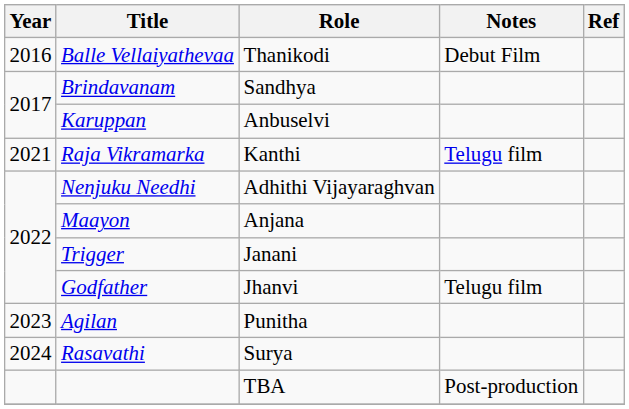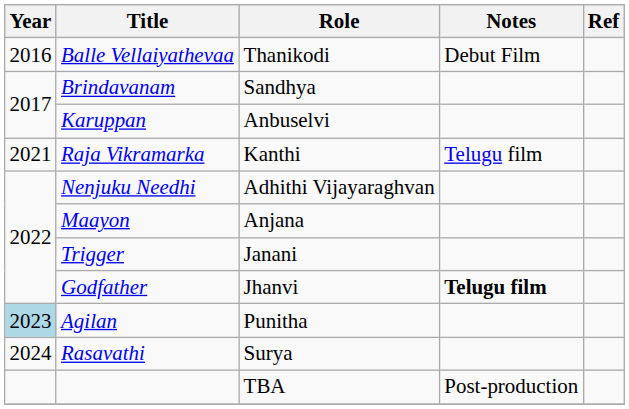 <table class="wikitable sortable">
 <tr style="background:#cccccf; text-align:center;">
 <th>Year</th>
 <th>Title</th>
 <th>Role</th>
 <th class="unsortable">Notes</th>
 <th>Ref</th>
 </tr>
 <tr>
 <td>2016</td>
 <td><em><a href='#'>Balle Vellaiyathevaa</a></em></td>
 <td>Thanikodi</td>
 <td>Debut Film</td>
 <td></td>
 </tr>
 <tr>
 <td rowspan=2>2017</td>
 <td><em><a href='#'>Brindavanam</a></em></td>
 <td>Sandhya</td>
 <td></td>
 <td></td>
 </tr>
 <tr>
 <td><em><a href='#'>Karuppan</a></em></td>
 <td>Anbuselvi</td>
 <td></td>
 <td></td>
 </tr>
 <tr>
 <td>2021</td>
 <td><em><a href='#'>Raja Vikramarka</a></em></td>
 <td>Kanthi</td>
 <td><a href='#'>Telugu</a> film</td>
 <td></td>
 </tr>
 <tr>
 <td rowspan=4>2022</td>
 <td><em><a href='#'>Nenjuku Needhi</a></em></td>
 <td>Adhithi Vijayaraghvan</td>
 <td></td>
 <td></td>
 </tr>
 <tr>
 <td><em><a href='#'>Maayon</a></em></td>
 <td>Anjana</td>
 <td></td>
 <td></td>
 </tr>
 <tr>
 <td><em><a href='#'>Trigger</a></em></td>
 <td>Janani</td>
 <td></td>
 <td></td>
 </tr>
 <tr>
 <td><em><a href='#'>Godfather</a></em></td>
 <td>Jhanvi</td>
-<td>Telugu film</td>
+<td><strong>Telugu film</strong></td>
 <td></td>
 </tr>
 <tr>
-<td>2023</td>
+<td style="background: lightblue;">2023</td>
 <td><em><a href='#'>Agilan</a></em></td>
 <td>Punitha</td>
 <td></td>
 <td></td>
 </tr>
 <tr>
 <td>2024</td>
 <td><em><a href='#'>Rasavathi</a></em></td>
 <td>Surya</td>
 <td></td>
 <td></td>
 </tr>
 <tr>
 <td></td>
 <td></td>
 <td>TBA</td>
 <td>Post-production</td>
 <td></td>
 </tr>
 <tr>
 </tr>
 </table>
